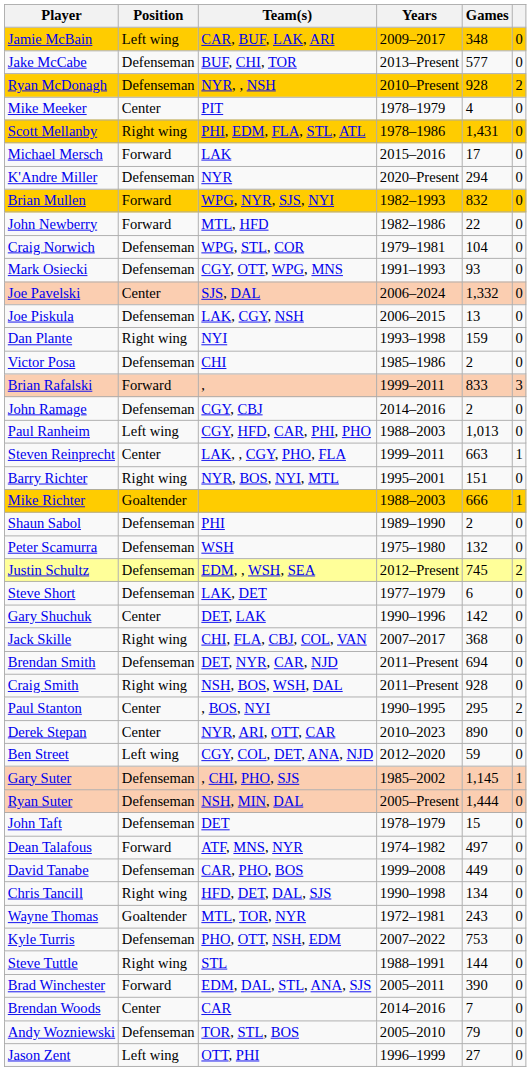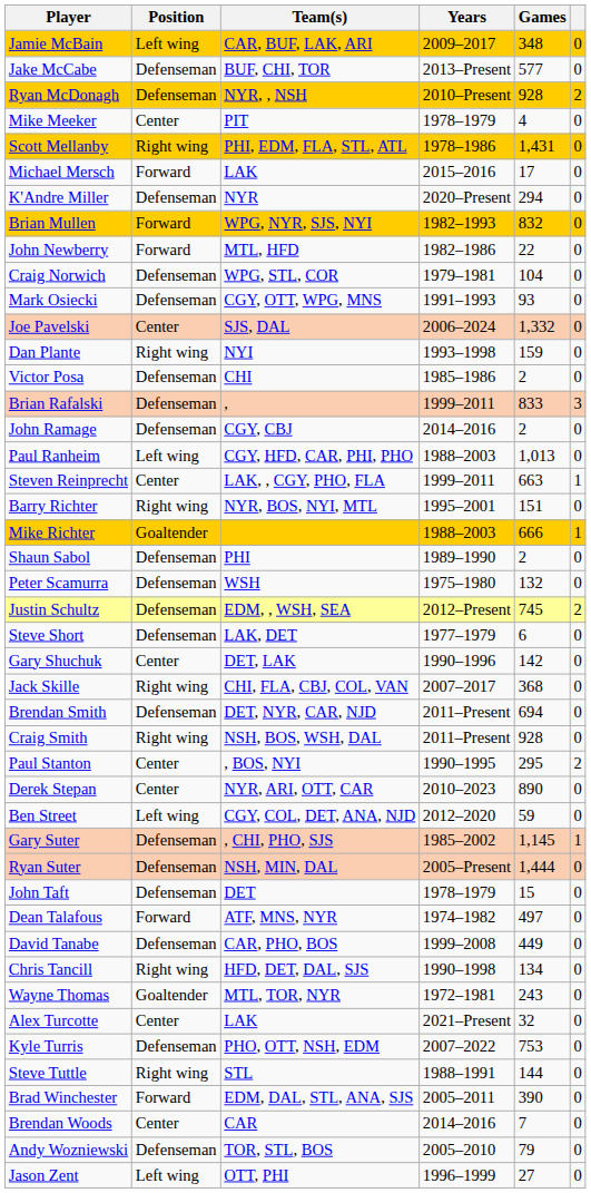 <table class="wikitable sortable">
 <tr>
 <th>Player</th>
 <th>Position</th>
 <th>Team(s)</th>
 <th>Years</th>
 <th>Games</th>
 <th><a href='#'></a></th>
 </tr>
 <tr style="background:#fc0;">
 <td><a href='#'>Jamie McBain</a></td>
 <td>Left wing</td>
 <td><a href='#'>CAR</a>, <a href='#'>BUF</a>, <a href='#'>LAK</a>, <a href='#'>ARI</a></td>
 <td>2009–2017</td>
 <td>348</td>
 <td>0</td>
 </tr>
 <tr>
 <td><a href='#'>Jake McCabe</a></td>
 <td>Defenseman</td>
 <td><a href='#'>BUF</a>, <a href='#'>CHI</a>, <a href='#'>TOR</a></td>
 <td>2013–Present</td>
 <td>577</td>
 <td>0</td>
 </tr>
 <tr style="background:#fc0;">
 <td><a href='#'>Ryan McDonagh</a></td>
 <td>Defenseman</td>
 <td><a href='#'>NYR</a>, <span><strong></strong></span>, <a href='#'>NSH</a></td>
 <td>2010–Present</td>
 <td>928</td>
 <td>2</td>
 </tr>
 <tr>
 <td><a href='#'>Mike Meeker</a></td>
 <td>Center</td>
 <td><a href='#'>PIT</a></td>
 <td>1978–1979</td>
 <td>4</td>
 <td>0</td>
 </tr>
 <tr style="background:#fc0;">
 <td><a href='#'>Scott Mellanby</a></td>
 <td>Right wing</td>
 <td><a href='#'>PHI</a>, <a href='#'>EDM</a>, <a href='#'>FLA</a>, <a href='#'>STL</a>, <a href='#'>ATL</a></td>
 <td>1978–1986</td>
 <td>1,431</td>
 <td>0</td>
 </tr>
 <tr>
 <td><a href='#'>Michael Mersch</a></td>
 <td>Forward</td>
 <td><a href='#'>LAK</a></td>
 <td>2015–2016</td>
 <td>17</td>
 <td>0</td>
 </tr>
 <tr>
 <td><a href='#'>K'Andre Miller</a></td>
 <td>Defenseman</td>
 <td><a href='#'>NYR</a></td>
 <td>2020–Present</td>
 <td>294</td>
 <td>0</td>
 </tr>
 <tr style="background:#fc0;">
 <td><a href='#'>Brian Mullen</a></td>
 <td>Forward</td>
 <td><a href='#'>WPG</a>, <a href='#'>NYR</a>, <a href='#'>SJS</a>, <a href='#'>NYI</a></td>
 <td>1982–1993</td>
 <td>832</td>
 <td>0</td>
 </tr>
 <tr>
 <td><a href='#'>John Newberry</a></td>
 <td>Forward</td>
 <td><a href='#'>MTL</a>, <a href='#'>HFD</a></td>
 <td>1982–1986</td>
 <td>22</td>
 <td>0</td>
 </tr>
 <tr>
 <td><a href='#'>Craig Norwich</a></td>
 <td>Defenseman</td>
 <td><a href='#'>WPG</a>, <a href='#'>STL</a>, <a href='#'>COR</a></td>
 <td>1979–1981</td>
 <td>104</td>
 <td>0</td>
 </tr>
 <tr>
 <td><a href='#'>Mark Osiecki</a></td>
 <td>Defenseman</td>
 <td><a href='#'>CGY</a>, <a href='#'>OTT</a>, <a href='#'>WPG</a>, <a href='#'>MNS</a></td>
 <td>1991–1993</td>
 <td>93</td>
 <td>0</td>
 </tr>
 <tr style="background:#fbceb1;">
 <td><a href='#'>Joe Pavelski</a></td>
 <td>Center</td>
 <td><a href='#'>SJS</a>, <a href='#'>DAL</a></td>
 <td>2006–2024</td>
 <td>1,332</td>
 <td>0</td>
 </tr>
 <tr>
-<td><a href='#'>Joe Piskula</a></td>
-<td>Defenseman</td>
-<td><a href='#'>LAK</a>, <a href='#'>CGY</a>, <a href='#'>NSH</a></td>
-<td>2006–2015</td>
-<td>13</td>
-<td>0</td>
-</tr>
-<tr>
 <td><a href='#'>Dan Plante</a></td>
 <td>Right wing</td>
 <td><a href='#'>NYI</a></td>
 <td>1993–1998</td>
 <td>159</td>
 <td>0</td>
 </tr>
 <tr>
 <td><a href='#'>Victor Posa</a></td>
 <td>Defenseman</td>
 <td><a href='#'>CHI</a></td>
 <td>1985–1986</td>
 <td>2</td>
 <td>0</td>
 </tr>
 <tr style="background:#fbceb1;">
 <td><a href='#'>Brian Rafalski</a></td>
-<td>Forward</td>
+<td>Defenseman</td>
 <td><span><strong></strong></span>, <span><strong></strong></span></td>
 <td>1999–2011</td>
 <td>833</td>
 <td>3</td>
 </tr>
 <tr>
 <td><a href='#'>John Ramage</a></td>
 <td>Defenseman</td>
 <td><a href='#'>CGY</a>, <a href='#'>CBJ</a></td>
 <td>2014–2016</td>
 <td>2</td>
 <td>0</td>
 </tr>
 <tr>
 <td><a href='#'>Paul Ranheim</a></td>
 <td>Left wing</td>
 <td><a href='#'>CGY</a>, <a href='#'>HFD</a>, <a href='#'>CAR</a>, <a href='#'>PHI</a>, <a href='#'>PHO</a></td>
 <td>1988–2003</td>
 <td>1,013</td>
 <td>0</td>
 </tr>
 <tr>
 <td><a href='#'>Steven Reinprecht</a></td>
 <td>Center</td>
 <td><a href='#'>LAK</a>, <span><strong></strong></span>, <a href='#'>CGY</a>, <a href='#'>PHO</a>, <a href='#'>FLA</a></td>
 <td>1999–2011</td>
 <td>663</td>
 <td>1</td>
 </tr>
 <tr>
 <td><a href='#'>Barry Richter</a></td>
 <td>Right wing</td>
 <td><a href='#'>NYR</a>, <a href='#'>BOS</a>, <a href='#'>NYI</a>, <a href='#'>MTL</a></td>
 <td>1995–2001</td>
 <td>151</td>
 <td>0</td>
 </tr>
 <tr style="background:#fc0;">
 <td><a href='#'>Mike Richter</a></td>
 <td>Goaltender</td>
 <td><span><strong></strong></span></td>
 <td>1988–2003</td>
 <td>666</td>
 <td>1</td>
 </tr>
 <tr>
 <td><a href='#'>Shaun Sabol</a></td>
 <td>Defenseman</td>
 <td><a href='#'>PHI</a></td>
 <td>1989–1990</td>
 <td>2</td>
 <td>0</td>
 </tr>
 <tr>
 <td><a href='#'>Peter Scamurra</a></td>
 <td>Defenseman</td>
 <td><a href='#'>WSH</a></td>
 <td>1975–1980</td>
 <td>132</td>
 <td>0</td>
 </tr>
 <tr style="background:#ff9;">
 <td><a href='#'>Justin Schultz</a></td>
 <td>Defenseman</td>
 <td><a href='#'>EDM</a>, <span><strong></strong></span>, <a href='#'>WSH</a>, <a href='#'>SEA</a></td>
 <td>2012–Present</td>
 <td>745</td>
 <td>2</td>
 </tr>
 <tr>
 <td><a href='#'>Steve Short</a></td>
 <td>Defenseman</td>
 <td><a href='#'>LAK</a>, <a href='#'>DET</a></td>
 <td>1977–1979</td>
 <td>6</td>
 <td>0</td>
 </tr>
 <tr>
 <td><a href='#'>Gary Shuchuk</a></td>
 <td>Center</td>
 <td><a href='#'>DET</a>, <a href='#'>LAK</a></td>
 <td>1990–1996</td>
 <td>142</td>
 <td>0</td>
 </tr>
 <tr>
 <td><a href='#'>Jack Skille</a></td>
 <td>Right wing</td>
 <td><a href='#'>CHI</a>, <a href='#'>FLA</a>, <a href='#'>CBJ</a>, <a href='#'>COL</a>, <a href='#'>VAN</a></td>
 <td>2007–2017</td>
 <td>368</td>
 <td>0</td>
 </tr>
 <tr>
 <td><a href='#'>Brendan Smith</a></td>
 <td>Defenseman</td>
 <td><a href='#'>DET</a>, <a href='#'>NYR</a>, <a href='#'>CAR</a>, <a href='#'>NJD</a></td>
 <td>2011–Present</td>
 <td>694</td>
 <td>0</td>
 </tr>
 <tr>
 <td><a href='#'>Craig Smith</a></td>
 <td>Right wing</td>
 <td><a href='#'>NSH</a>, <a href='#'>BOS</a>, <a href='#'>WSH</a>, <a href='#'>DAL</a></td>
 <td>2011–Present</td>
 <td>928</td>
 <td>0</td>
 </tr>
 <tr>
 <td><a href='#'>Paul Stanton</a></td>
 <td>Center</td>
 <td><span><strong></strong></span>, <a href='#'>BOS</a>, <a href='#'>NYI</a></td>
 <td>1990–1995</td>
 <td>295</td>
 <td>2</td>
 </tr>
 <tr>
 <td><a href='#'>Derek Stepan</a></td>
 <td>Center</td>
 <td><a href='#'>NYR</a>, <a href='#'>ARI</a>, <a href='#'>OTT</a>, <a href='#'>CAR</a></td>
 <td>2010–2023</td>
 <td>890</td>
 <td>0</td>
 </tr>
 <tr>
 <td><a href='#'>Ben Street</a></td>
 <td>Left wing</td>
 <td><a href='#'>CGY</a>, <a href='#'>COL</a>, <a href='#'>DET</a>, <a href='#'>ANA</a>, <a href='#'>NJD</a></td>
 <td>2012–2020</td>
 <td>59</td>
 <td>0</td>
 </tr>
 <tr style="background:#fbceb1;">
 <td><a href='#'>Gary Suter</a></td>
 <td>Defenseman</td>
 <td><span><strong></strong></span>, <a href='#'>CHI</a>, <a href='#'>PHO</a>, <a href='#'>SJS</a></td>
 <td>1985–2002</td>
 <td>1,145</td>
 <td>1</td>
 </tr>
 <tr style="background:#fbceb1;">
 <td><a href='#'>Ryan Suter</a></td>
 <td>Defenseman</td>
 <td><a href='#'>NSH</a>, <a href='#'>MIN</a>, <a href='#'>DAL</a></td>
 <td>2005–Present</td>
 <td>1,444</td>
 <td>0</td>
 </tr>
 <tr>
 <td><a href='#'>John Taft</a></td>
 <td>Defenseman</td>
 <td><a href='#'>DET</a></td>
 <td>1978–1979</td>
 <td>15</td>
 <td>0</td>
 </tr>
 <tr>
 <td><a href='#'>Dean Talafous</a></td>
 <td>Forward</td>
 <td><a href='#'>ATF</a>, <a href='#'>MNS</a>, <a href='#'>NYR</a></td>
 <td>1974–1982</td>
 <td>497</td>
 <td>0</td>
 </tr>
 <tr>
 <td><a href='#'>David Tanabe</a></td>
 <td>Defenseman</td>
 <td><a href='#'>CAR</a>, <a href='#'>PHO</a>, <a href='#'>BOS</a></td>
 <td>1999–2008</td>
 <td>449</td>
 <td>0</td>
 </tr>
 <tr>
 <td><a href='#'>Chris Tancill</a></td>
 <td>Right wing</td>
 <td><a href='#'>HFD</a>, <a href='#'>DET</a>, <a href='#'>DAL</a>, <a href='#'>SJS</a></td>
 <td>1990–1998</td>
 <td>134</td>
 <td>0</td>
 </tr>
 <tr>
 <td><a href='#'>Wayne Thomas</a></td>
 <td>Goaltender</td>
 <td><a href='#'>MTL</a>, <a href='#'>TOR</a>, <a href='#'>NYR</a></td>
 <td>1972–1981</td>
 <td>243</td>
 <td>0</td>
 </tr>
 <tr>
+<td><a href='#'>Alex Turcotte</a></td>
+<td>Center</td>
+<td><a href='#'>LAK</a></td>
+<td>2021–Present</td>
+<td>32</td>
+<td>0</td>
+</tr>
+<tr>
 <td><a href='#'>Kyle Turris</a></td>
 <td>Defenseman</td>
 <td><a href='#'>PHO</a>, <a href='#'>OTT</a>, <a href='#'>NSH</a>, <a href='#'>EDM</a></td>
 <td>2007–2022</td>
 <td>753</td>
 <td>0</td>
 </tr>
 <tr>
 <td><a href='#'>Steve Tuttle</a></td>
 <td>Right wing</td>
 <td><a href='#'>STL</a></td>
 <td>1988–1991</td>
 <td>144</td>
 <td>0</td>
 </tr>
 <tr>
 <td><a href='#'>Brad Winchester</a></td>
 <td>Forward</td>
 <td><a href='#'>EDM</a>, <a href='#'>DAL</a>, <a href='#'>STL</a>, <a href='#'>ANA</a>, <a href='#'>SJS</a></td>
 <td>2005–2011</td>
 <td>390</td>
 <td>0</td>
 </tr>
 <tr>
 <td><a href='#'>Brendan Woods</a></td>
 <td>Center</td>
 <td><a href='#'>CAR</a></td>
 <td>2014–2016</td>
 <td>7</td>
 <td>0</td>
 </tr>
 <tr>
 <td><a href='#'>Andy Wozniewski</a></td>
 <td>Defenseman</td>
 <td><a href='#'>TOR</a>, <a href='#'>STL</a>, <a href='#'>BOS</a></td>
 <td>2005–2010</td>
 <td>79</td>
 <td>0</td>
 </tr>
 <tr>
 <td><a href='#'>Jason Zent</a></td>
 <td>Left wing</td>
 <td><a href='#'>OTT</a>, <a href='#'>PHI</a></td>
 <td>1996–1999</td>
 <td>27</td>
 <td>0</td>
 </tr>
 </table>
